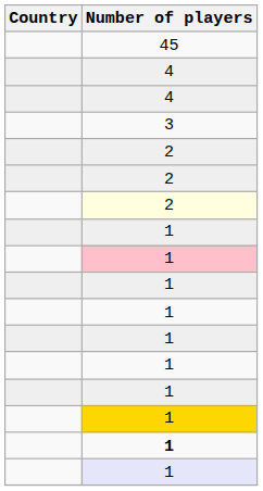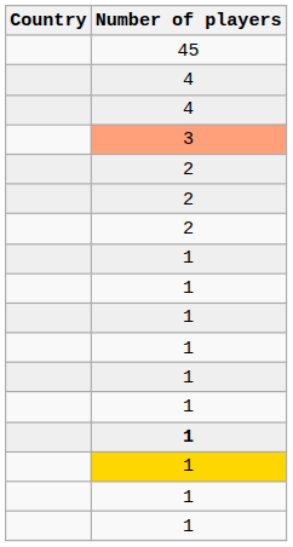 <table class="wikitable sortable">
 <tr>
 <th>Country</th>
 <th>Number of players</th>
 </tr>
 <tr>
 <td></td>
 <td align=center>45</td>
 </tr>
 <tr bgcolor="#efefef">
 <td></td>
 <td align=center>4</td>
 </tr>
 <tr bgcolor="#efefef">
 <td></td>
 <td align=center>4</td>
 </tr>
 <tr>
 <td></td>
-<td align=center>3</td>
+<td align=center style="background: lightsalmon;">3</td>
 </tr>
 <tr bgcolor="#efefef">
 <td></td>
 <td align=center>2</td>
 </tr>
 <tr bgcolor="#efefef">
 <td></td>
 <td align=center>2</td>
 </tr>
 <tr>
 <td></td>
-<td align=center style="background: lightyellow;">2</td>
-</tr>
-<tr bgcolor="#efefef">
-<td></td>
-<td align=center>1</td>
-</tr>
-<tr>
-<td></td>
-<td align=center style="background: pink;">1</td>
+<td align=center>2</td>
 </tr>
 <tr bgcolor="#efefef">
 <td></td>
 <td align=center>1</td>
 </tr>
 <tr>
 <td></td>
 <td align=center>1</td>
 </tr>
 <tr bgcolor="#efefef">
 <td></td>
 <td align=center>1</td>
 </tr>
 <tr>
 <td></td>
 <td align=center>1</td>
 </tr>
 <tr bgcolor="#efefef">
 <td></td>
 <td align=center>1</td>
 </tr>
 <tr>
 <td></td>
-<td align=center style="background: gold;">1</td>
+<td align=center>1</td>
 </tr>
-<tr>
+<tr bgcolor="#efefef">
 <td></td>
 <td align=center><strong>1</strong></td>
 </tr>
 <tr>
 <td></td>
-<td align=center style="background: lavender;">1</td>
+<td align=center style="background: gold;">1</td>
+</tr>
+<tr>
+<td></td>
+<td align=center>1</td>
+</tr>
+<tr>
+<td></td>
+<td align=center>1</td>
 </tr>
 <tr>
 </tr>
 </table>
